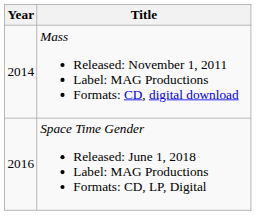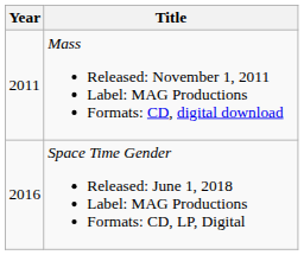 <table class="wikitable">
 <tr>
 <th>Year</th>
 <th width="250">Title</th>
 </tr>
 <tr>
-<td>2014</td>
+<td>2011</td>
 <td><em>Mass</em><br><ul><li>Released: November 1, 2011</li><li>Label: MAG Productions</li><li>Formats: <a href='#'>CD</a>, <a href='#'>digital download</a></li></ul></td>
 </tr>
 <tr>
 <td>2016</td>
 <td><em>Space Time Gender</em><br><ul><li>Released: June 1, 2018</li><li>Label: MAG Productions</li><li>Formats: CD, LP, Digital</li></ul></td>
 </tr>
 </table>
